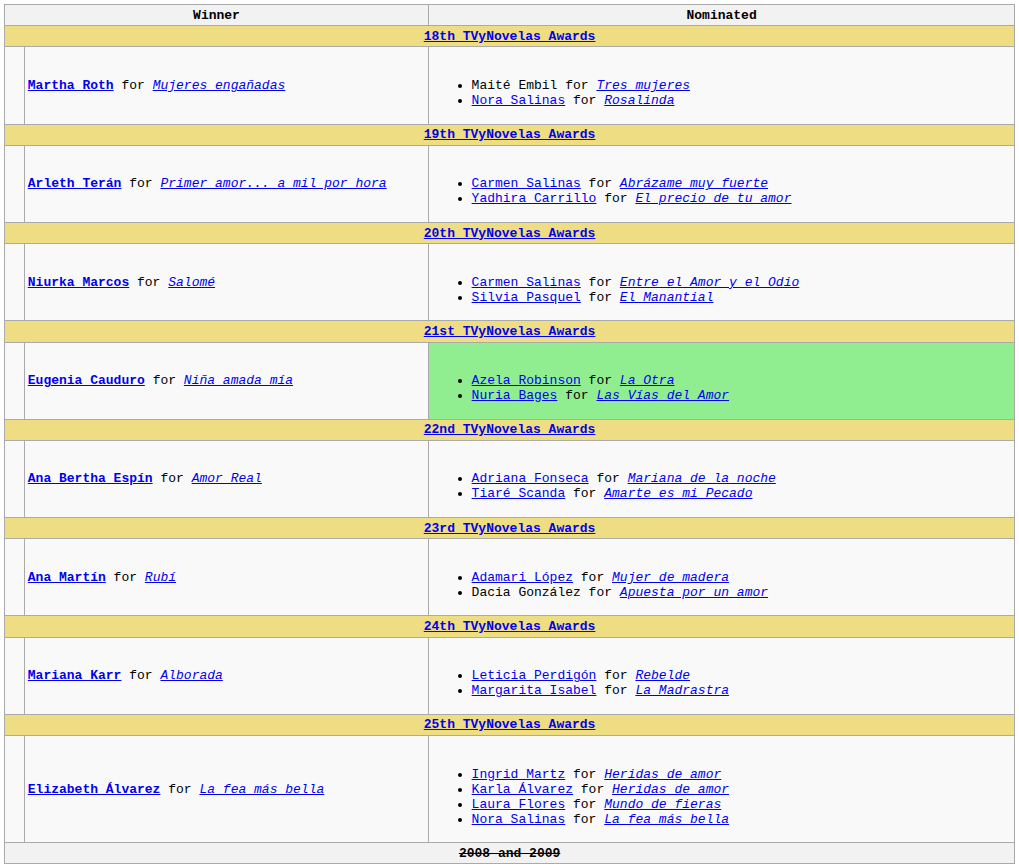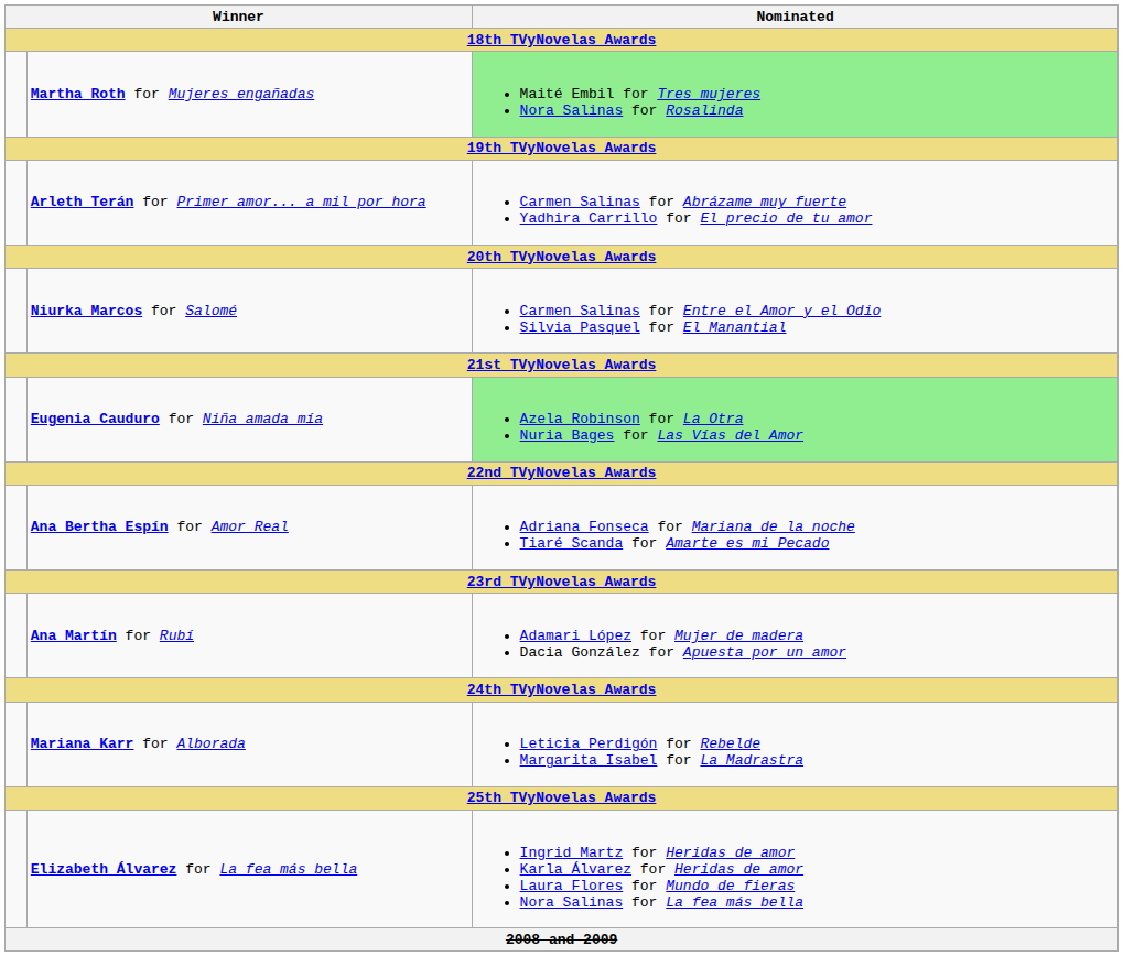 <table class="wikitable" width=80%>
 <tr align=center>
 <th width="150px;" colspan=2; align="center">Winner</th>
 <th width="580px;" align="center">Nominated</th>
 </tr>
 <tr>
 <th colspan=9 style="background:#EEDD82;"  align="center"><strong><a href='#'>18th TVyNovelas Awards</a></strong></th>
 </tr>
 <tr>
 <td width=2%></td>
 <td><strong><a href='#'>Martha Roth</a></strong> for <em><a href='#'>Mujeres engañadas</a></em></td>
-<td><br><ul><li>Maité Embil for <em><a href='#'>Tres mujeres</a></em></li><li><a href='#'>Nora Salinas</a> for <em><a href='#'>Rosalinda</a></em></li></ul></td>
+<td style="background: lightgreen;"><br><ul><li>Maité Embil for <em><a href='#'>Tres mujeres</a></em></li><li><a href='#'>Nora Salinas</a> for <em><a href='#'>Rosalinda</a></em></li></ul></td>
 </tr>
 <tr>
 <th colspan=9 style="background:#EEDD82;"  align="center"><strong><a href='#'>19th TVyNovelas Awards</a></strong></th>
 </tr>
 <tr>
 <td width=2%></td>
 <td><strong><a href='#'>Arleth Terán</a></strong> for <em><a href='#'>Primer amor... a mil por hora</a></em></td>
 <td><br><ul><li><a href='#'>Carmen Salinas</a> for <em><a href='#'>Abrázame muy fuerte</a></em></li><li><a href='#'>Yadhira Carrillo</a> for <em><a href='#'>El precio de tu amor</a></em></li></ul></td>
 </tr>
 <tr>
 <th colspan=9 style="background:#EEDD82;"  align="center"><strong><a href='#'>20th TVyNovelas Awards</a></strong></th>
 </tr>
 <tr>
 <td width=2%></td>
 <td><strong><a href='#'>Niurka Marcos</a></strong> for <em><a href='#'>Salomé</a></em></td>
 <td><br><ul><li><a href='#'>Carmen Salinas</a> for <em><a href='#'>Entre el Amor y el Odio</a></em></li><li><a href='#'>Silvia Pasquel</a> for <em><a href='#'>El Manantial</a></em></li></ul></td>
 </tr>
 <tr>
 <th colspan=9 style="background:#EEDD82;"  align="center"><strong><a href='#'>21st TVyNovelas Awards</a></strong></th>
 </tr>
 <tr>
 <td width=2%></td>
 <td><strong><a href='#'>Eugenia Cauduro</a></strong> for <em><a href='#'>Niña amada mía</a></em></td>
 <td style="background: lightgreen;"><br><ul><li><a href='#'>Azela Robinson</a> for <em><a href='#'>La Otra</a></em></li><li><a href='#'>Nuria Bages</a> for <em><a href='#'>Las Vías del Amor</a></em></li></ul></td>
 </tr>
 <tr>
 <th colspan=9 style="background:#EEDD82;"  align="center"><strong><a href='#'>22nd TVyNovelas Awards</a></strong></th>
 </tr>
 <tr>
 <td width=2%></td>
 <td><strong><a href='#'>Ana Bertha Espín</a></strong> for <em><a href='#'>Amor Real</a></em></td>
 <td><br><ul><li><a href='#'>Adriana Fonseca</a> for <em><a href='#'>Mariana de la noche</a></em></li><li><a href='#'>Tiaré Scanda</a> for <em><a href='#'>Amarte es mi Pecado</a></em></li></ul></td>
 </tr>
 <tr>
 <th colspan=9 style="background:#EEDD82;"  align="center"><strong><a href='#'>23rd TVyNovelas Awards</a></strong></th>
 </tr>
 <tr>
 <td width=2%></td>
 <td><strong><a href='#'>Ana Martín</a></strong> for <em><a href='#'>Rubí</a></em></td>
 <td><br><ul><li><a href='#'>Adamari López</a> for <em><a href='#'>Mujer de madera</a></em></li><li>Dacia González for <em><a href='#'>Apuesta por un amor</a></em></li></ul></td>
 </tr>
 <tr>
 <th colspan=9 style="background:#EEDD82;"  align="center"><strong><a href='#'>24th TVyNovelas Awards</a></strong></th>
 </tr>
 <tr>
 <td width=2%></td>
 <td><strong><a href='#'>Mariana Karr</a></strong> for <em><a href='#'>Alborada</a></em></td>
 <td><br><ul><li><a href='#'>Leticia Perdigón</a> for <em><a href='#'>Rebelde</a></em></li><li><a href='#'>Margarita Isabel</a> for <em><a href='#'>La Madrastra</a></em></li></ul></td>
 </tr>
 <tr>
 <th colspan=9 style="background:#EEDD82;"  align="center"><strong><a href='#'>25th TVyNovelas Awards</a></strong></th>
 </tr>
 <tr>
 <td width=2%></td>
 <td><strong><a href='#'>Elizabeth Álvarez</a></strong> for <em><a href='#'>La fea más bella</a></em></td>
 <td><br><ul><li><a href='#'>Ingrid Martz</a> for <em><a href='#'>Heridas de amor</a></em></li><li><a href='#'>Karla Álvarez</a> for <em><a href='#'>Heridas de amor</a></em></li><li><a href='#'>Laura Flores</a> for <em><a href='#'>Mundo de fieras</a></em></li><li><a href='#'>Nora Salinas</a> for <em><a href='#'>La fea más bella</a></em></li></ul></td>
 </tr>
 <tr>
 <th colspan=9 align="center"><s>2008 and 2009</s></th>
 </tr>
 </table>
